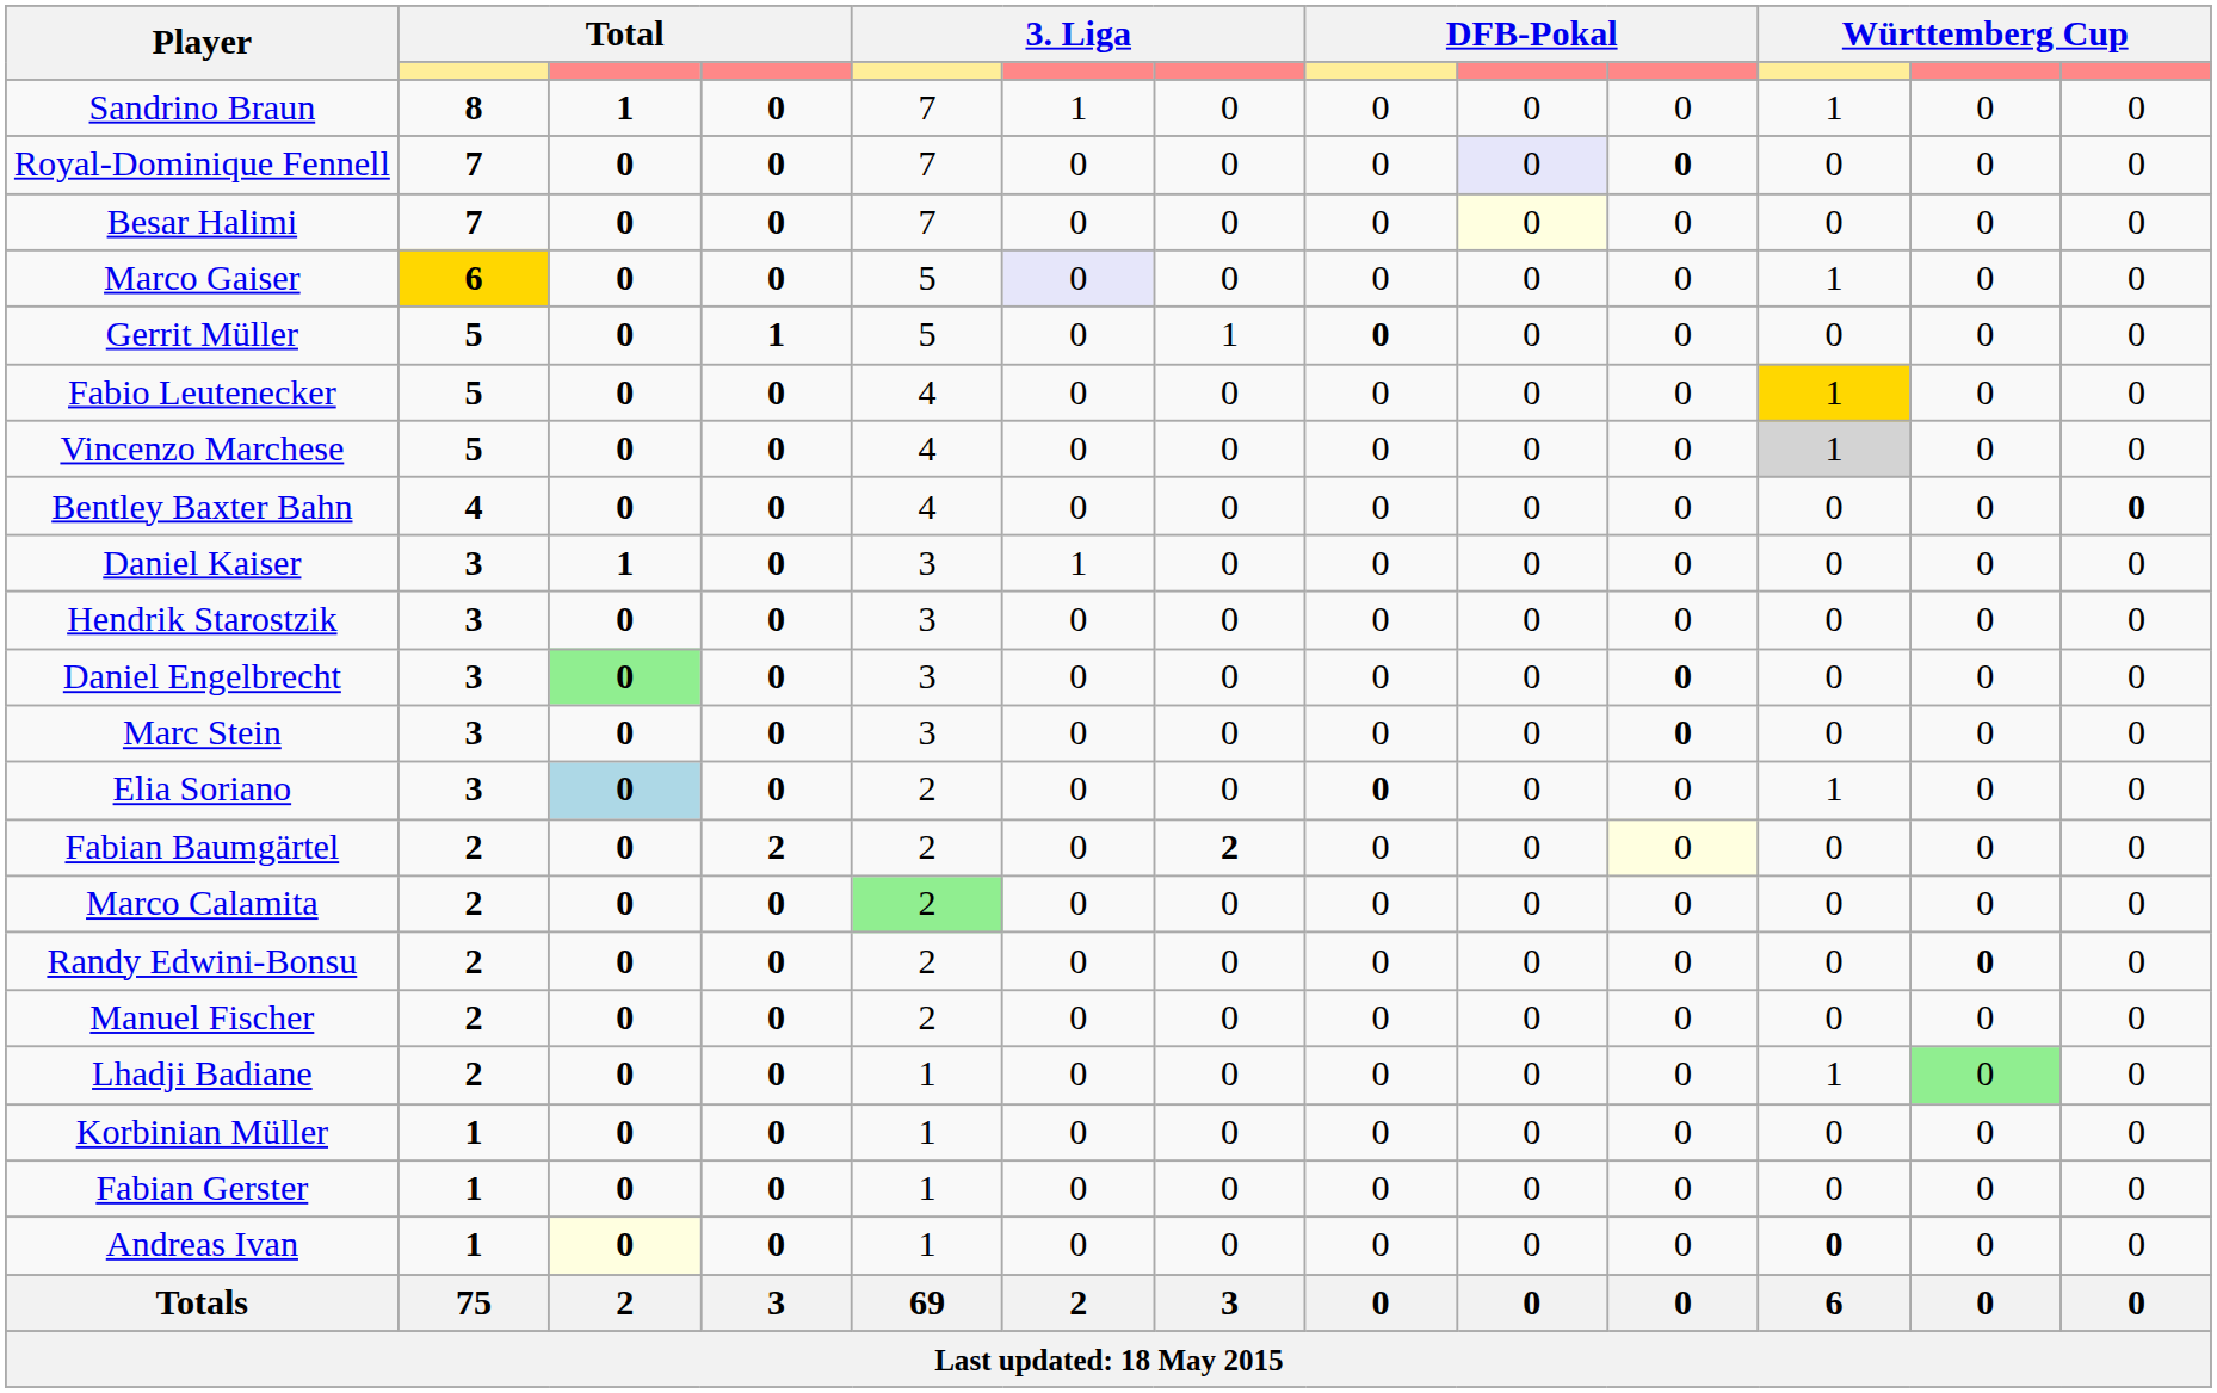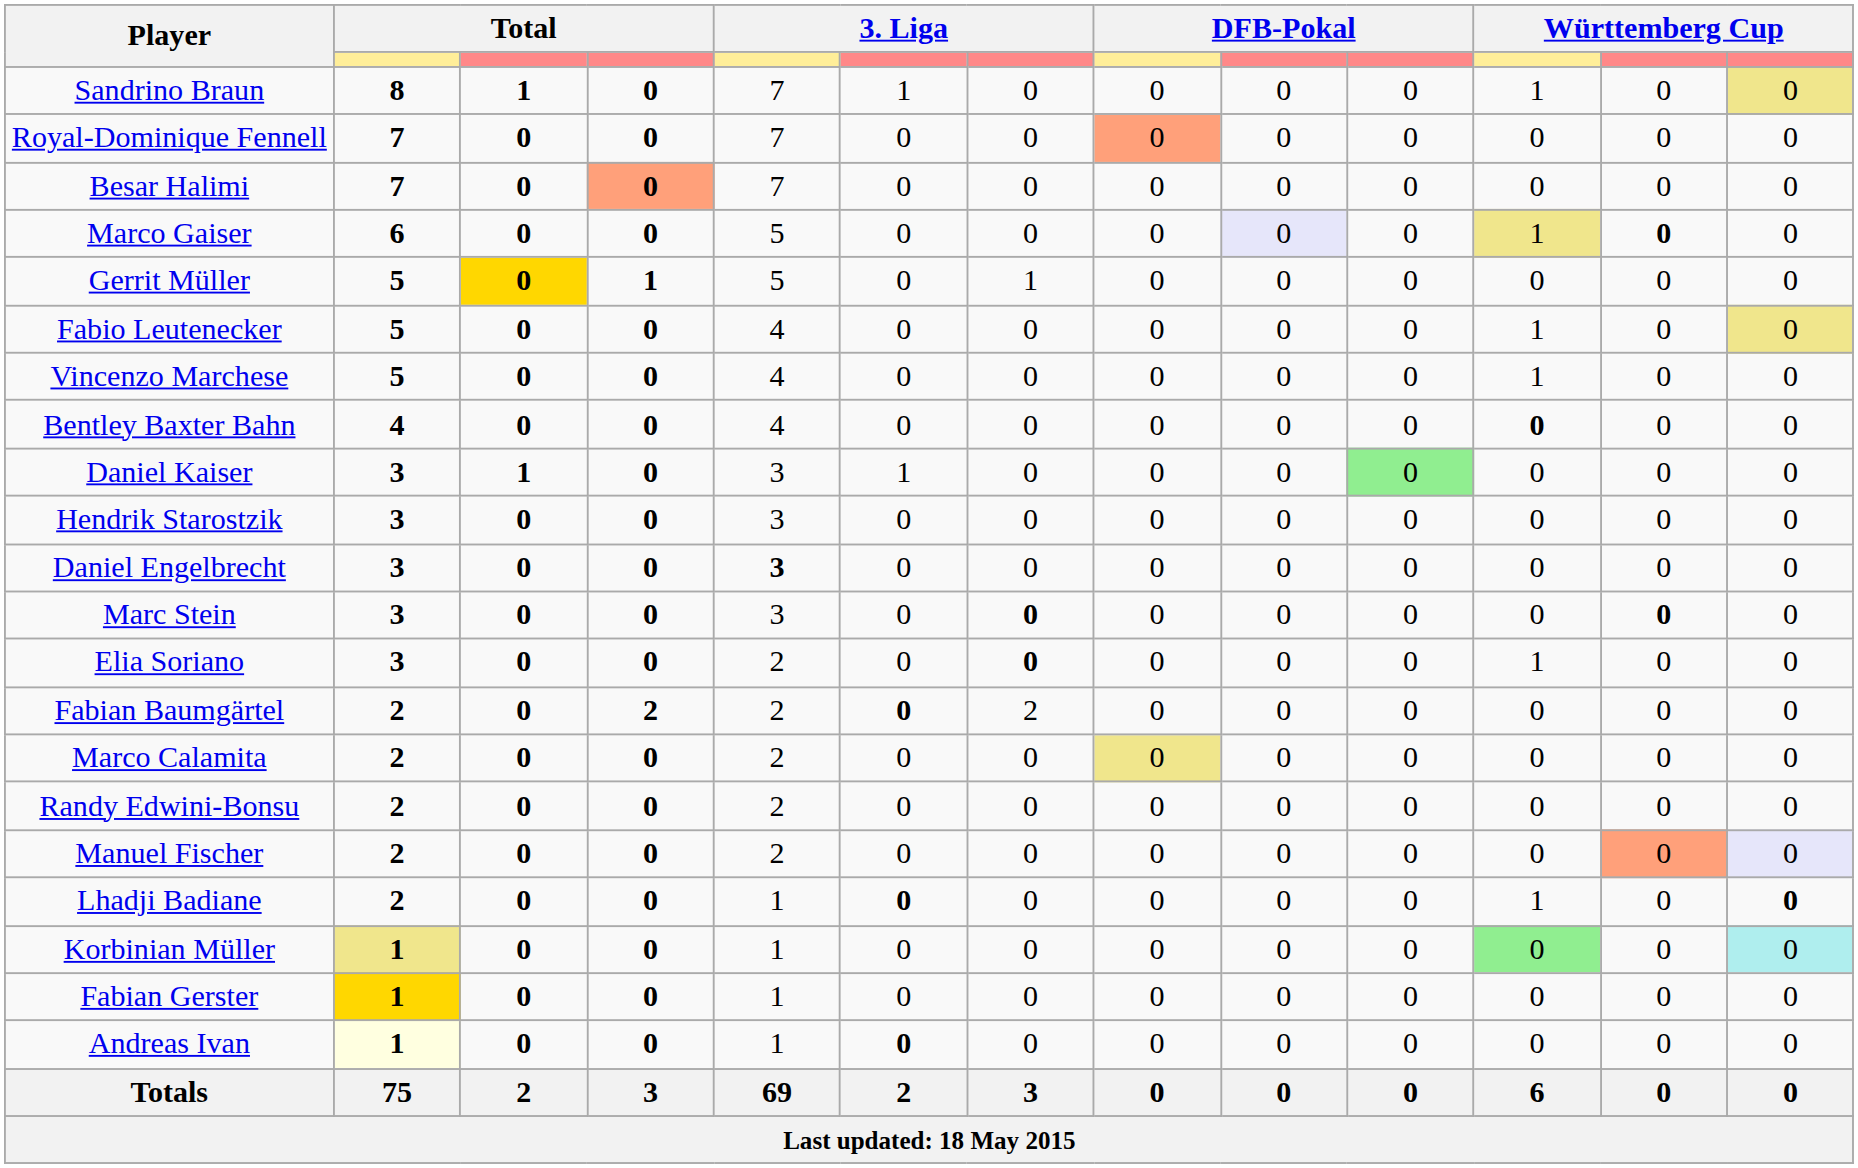 <table class="wikitable" style="text-align:center;">
 <tr style="text-align:center;">
 <th rowspan="2">Player</th>
 <th colspan="3">Total</th>
 <th colspan="3"><a href='#'>3. Liga</a></th>
 <th colspan="3"><a href='#'>DFB-Pokal</a></th>
 <th colspan="3"><a href='#'>Württemberg Cup</a></th>
 </tr>
 <tr>
 <th style="width:60px; background:#fe9;"></th>
 <th style="width:60px; background:#ff8888;"></th>
 <th style="width:60px; background:#ff8888;"></th>
 <th style="width:60px; background:#fe9;"></th>
 <th style="width:60px; background:#ff8888;"></th>
 <th style="width:60px; background:#ff8888;"></th>
 <th style="width:60px; background:#fe9;"></th>
 <th style="width:60px; background:#ff8888;"></th>
 <th style="width:60px; background:#ff8888;"></th>
 <th style="width:60px; background:#fe9;"></th>
 <th style="width:60px; background:#ff8888;"></th>
 <th style="width:60px; background:#ff8888;"></th>
 </tr>
 <tr>
 <td><a href='#'>Sandrino Braun</a></td>
 <td><strong>8</strong> </td>
 <td><strong>1</strong> </td>
 <td><strong>0</strong> </td>
 <td>7 </td>
 <td>1 </td>
 <td>0 </td>
 <td>0 </td>
 <td>0 </td>
 <td>0 </td>
 <td>1 </td>
 <td>0 </td>
-<td>0 </td>
+<td style="background: khaki;">0 </td>
 </tr>
 <tr>
 <td><a href='#'>Royal-Dominique Fennell</a></td>
 <td><strong>7</strong> </td>
 <td><strong>0</strong> </td>
 <td><strong>0</strong> </td>
 <td>7 </td>
 <td>0 </td>
 <td>0 </td>
+<td style="background: lightsalmon;">0 </td>
 <td>0 </td>
-<td style="background: lavender;">0 </td>
-<td><strong>0 </strong></td>
+<td>0 </td>
 <td>0 </td>
 <td>0 </td>
 <td>0 </td>
 </tr>
 <tr>
 <td><a href='#'>Besar Halimi</a></td>
 <td><strong>7</strong> </td>
 <td><strong>0</strong> </td>
-<td><strong>0</strong> </td>
+<td style="background: lightsalmon;"><strong>0</strong> </td>
 <td>7 </td>
 <td>0 </td>
 <td>0 </td>
 <td>0 </td>
-<td style="background: lightyellow;">0 </td>
+<td>0 </td>
 <td>0 </td>
 <td>0 </td>
 <td>0 </td>
 <td>0 </td>
 </tr>
 <tr>
 <td><a href='#'>Marco Gaiser</a></td>
-<td style="background: gold;"><strong>6</strong> </td>
+<td><strong>6</strong> </td>
 <td><strong>0</strong> </td>
 <td><strong>0</strong> </td>
 <td>5 </td>
-<td style="background: lavender;">0 </td>
 <td>0 </td>
 <td>0 </td>
 <td>0 </td>
+<td style="background: lavender;">0 </td>
 <td>0 </td>
-<td>1 </td>
-<td>0 </td>
+<td style="background: khaki;">1 </td>
+<td><strong>0 </strong></td>
 <td>0 </td>
 </tr>
 <tr>
 <td><a href='#'>Gerrit Müller</a></td>
 <td><strong>5</strong> </td>
-<td><strong>0</strong> </td>
+<td style="background: gold;"><strong>0</strong> </td>
 <td><strong>1</strong> </td>
 <td>5 </td>
 <td>0 </td>
 <td>1 </td>
-<td><strong>0 </strong></td>
+<td>0 </td>
 <td>0 </td>
 <td>0 </td>
 <td>0 </td>
 <td>0 </td>
 <td>0 </td>
 </tr>
 <tr>
 <td><a href='#'>Fabio Leutenecker</a></td>
 <td><strong>5</strong> </td>
 <td><strong>0</strong> </td>
 <td><strong>0</strong> </td>
 <td>4 </td>
 <td>0 </td>
 <td>0 </td>
 <td>0 </td>
 <td>0 </td>
 <td>0 </td>
-<td style="background: gold;">1 </td>
+<td>1 </td>
 <td>0 </td>
-<td>0 </td>
+<td style="background: khaki;">0 </td>
 </tr>
 <tr>
 <td><a href='#'>Vincenzo Marchese</a></td>
 <td><strong>5</strong> </td>
 <td><strong>0</strong> </td>
 <td><strong>0</strong> </td>
 <td>4 </td>
 <td>0 </td>
 <td>0 </td>
 <td>0 </td>
 <td>0 </td>
 <td>0 </td>
-<td style="background: lightgrey;">1 </td>
+<td>1 </td>
 <td>0 </td>
 <td>0 </td>
 </tr>
 <tr>
 <td><a href='#'>Bentley Baxter Bahn</a></td>
 <td><strong>4</strong> </td>
 <td><strong>0</strong> </td>
 <td><strong>0</strong> </td>
 <td>4 </td>
 <td>0 </td>
 <td>0 </td>
 <td>0 </td>
 <td>0 </td>
 <td>0 </td>
+<td><strong>0 </strong></td>
 <td>0 </td>
 <td>0 </td>
-<td><strong>0 </strong></td>
 </tr>
 <tr>
 <td><a href='#'>Daniel Kaiser</a></td>
 <td><strong>3</strong> </td>
 <td><strong>1</strong> </td>
 <td><strong>0</strong> </td>
 <td>3 </td>
 <td>1 </td>
 <td>0 </td>
 <td>0 </td>
 <td>0 </td>
-<td>0 </td>
+<td style="background: lightgreen;">0 </td>
 <td>0 </td>
 <td>0 </td>
 <td>0 </td>
 </tr>
 <tr>
 <td><a href='#'>Hendrik Starostzik</a></td>
 <td><strong>3</strong> </td>
 <td><strong>0</strong> </td>
 <td><strong>0</strong> </td>
 <td>3 </td>
 <td>0 </td>
 <td>0 </td>
 <td>0 </td>
 <td>0 </td>
 <td>0 </td>
 <td>0 </td>
 <td>0 </td>
 <td>0 </td>
 </tr>
 <tr>
 <td><a href='#'>Daniel Engelbrecht</a></td>
 <td><strong>3</strong> </td>
-<td style="background: lightgreen;"><strong>0</strong> </td>
 <td><strong>0</strong> </td>
-<td>3 </td>
+<td><strong>0</strong> </td>
+<td><strong>3 </strong></td>
 <td>0 </td>
 <td>0 </td>
 <td>0 </td>
 <td>0 </td>
-<td><strong>0 </strong></td>
+<td>0 </td>
 <td>0 </td>
 <td>0 </td>
 <td>0 </td>
 </tr>
 <tr>
 <td><a href='#'>Marc Stein</a></td>
 <td><strong>3</strong> </td>
 <td><strong>0</strong> </td>
 <td><strong>0</strong> </td>
 <td>3 </td>
 <td>0 </td>
+<td><strong>0 </strong></td>
+<td>0 </td>
 <td>0 </td>
 <td>0 </td>
 <td>0 </td>
 <td><strong>0 </strong></td>
 <td>0 </td>
-<td>0 </td>
-<td>0 </td>
 </tr>
 <tr>
 <td><a href='#'>Elia Soriano</a></td>
 <td><strong>3</strong> </td>
-<td style="background: lightblue;"><strong>0</strong> </td>
+<td><strong>0</strong> </td>
 <td><strong>0</strong> </td>
 <td>2 </td>
 <td>0 </td>
+<td><strong>0 </strong></td>
 <td>0 </td>
-<td><strong>0 </strong></td>
 <td>0 </td>
 <td>0 </td>
 <td>1 </td>
 <td>0 </td>
 <td>0 </td>
 </tr>
 <tr>
 <td><a href='#'>Fabian Baumgärtel</a></td>
 <td><strong>2</strong> </td>
 <td><strong>0</strong> </td>
 <td><strong>2</strong> </td>
 <td>2 </td>
-<td>0 </td>
-<td><strong>2 </strong></td>
+<td><strong>0 </strong></td>
+<td>2 </td>
 <td>0 </td>
 <td>0 </td>
-<td style="background: lightyellow;">0 </td>
+<td>0 </td>
 <td>0 </td>
 <td>0 </td>
 <td>0 </td>
 </tr>
 <tr>
 <td><a href='#'>Marco Calamita</a></td>
 <td><strong>2</strong> </td>
 <td><strong>0</strong> </td>
 <td><strong>0</strong> </td>
-<td style="background: lightgreen;">2 </td>
+<td>2 </td>
 <td>0 </td>
 <td>0 </td>
-<td>0 </td>
+<td style="background: khaki;">0 </td>
 <td>0 </td>
 <td>0 </td>
 <td>0 </td>
 <td>0 </td>
 <td>0 </td>
 </tr>
 <tr>
 <td><a href='#'>Randy Edwini-Bonsu</a></td>
 <td><strong>2</strong> </td>
 <td><strong>0</strong> </td>
 <td><strong>0</strong> </td>
 <td>2 </td>
 <td>0 </td>
 <td>0 </td>
 <td>0 </td>
 <td>0 </td>
 <td>0 </td>
 <td>0 </td>
-<td><strong>0 </strong></td>
+<td>0 </td>
 <td>0 </td>
 </tr>
 <tr>
 <td><a href='#'>Manuel Fischer</a></td>
 <td><strong>2</strong> </td>
 <td><strong>0</strong> </td>
 <td><strong>0</strong> </td>
 <td>2 </td>
 <td>0 </td>
 <td>0 </td>
 <td>0 </td>
 <td>0 </td>
 <td>0 </td>
 <td>0 </td>
-<td>0 </td>
-<td>0 </td>
+<td style="background: lightsalmon;">0 </td>
+<td style="background: lavender;">0 </td>
 </tr>
 <tr>
 <td><a href='#'>Lhadji Badiane</a></td>
 <td><strong>2</strong> </td>
+<td><strong>0</strong> </td>
+<td><strong>0</strong> </td>
+<td>1 </td>
+<td><strong>0 </strong></td>
+<td>0 </td>
+<td>0 </td>
+<td>0 </td>
+<td>0 </td>
+<td>1 </td>
+<td>0 </td>
+<td><strong>0 </strong></td>
+</tr>
+<tr>
+<td><a href='#'>Korbinian Müller</a></td>
+<td style="background: khaki;"><strong>1</strong> </td>
 <td><strong>0</strong> </td>
 <td><strong>0</strong> </td>
 <td>1 </td>
 <td>0 </td>
 <td>0 </td>
 <td>0 </td>
 <td>0 </td>
 <td>0 </td>
-<td>1 </td>
 <td style="background: lightgreen;">0 </td>
 <td>0 </td>
-</tr>
-<tr>
-<td><a href='#'>Korbinian Müller</a></td>
-<td><strong>1</strong> </td>
-<td><strong>0</strong> </td>
-<td><strong>0</strong> </td>
-<td>1 </td>
-<td>0 </td>
-<td>0 </td>
-<td>0 </td>
-<td>0 </td>
-<td>0 </td>
-<td>0 </td>
-<td>0 </td>
-<td>0 </td>
+<td style="background: paleturquoise;">0 </td>
 </tr>
 <tr>
 <td><a href='#'>Fabian Gerster</a></td>
-<td><strong>1</strong> </td>
+<td style="background: gold;"><strong>1</strong> </td>
 <td><strong>0</strong> </td>
 <td><strong>0</strong> </td>
 <td>1 </td>
 <td>0 </td>
 <td>0 </td>
 <td>0 </td>
 <td>0 </td>
 <td>0 </td>
 <td>0 </td>
 <td>0 </td>
 <td>0 </td>
 </tr>
 <tr>
 <td><a href='#'>Andreas Ivan</a></td>
-<td><strong>1</strong> </td>
-<td style="background: lightyellow;"><strong>0</strong> </td>
+<td style="background: lightyellow;"><strong>1</strong> </td>
+<td><strong>0</strong> </td>
 <td><strong>0</strong> </td>
 <td>1 </td>
+<td><strong>0 </strong></td>
 <td>0 </td>
 <td>0 </td>
 <td>0 </td>
 <td>0 </td>
 <td>0 </td>
-<td><strong>0 </strong></td>
 <td>0 </td>
 <td>0 </td>
 </tr>
 <tr>
 <th>Totals</th>
 <th>75 </th>
 <th>2 </th>
 <th>3 </th>
 <th>69 </th>
 <th>2 </th>
 <th>3 </th>
 <th>0 </th>
 <th>0 </th>
 <th>0 </th>
 <th>6 </th>
 <th>0 </th>
 <th>0 </th>
 </tr>
 <tr>
 <th colspan="14"><small>Last updated: 18 May 2015</small></th>
 </tr>
 </table>
